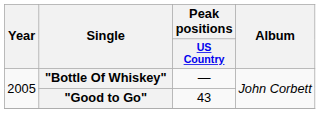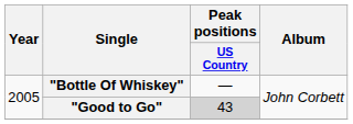 <table class="wikitable plainrowheaders" style="text-align:center;">
 <tr>
 <th rowspan="2">Year</th>
 <th rowspan="2" style="width:10em;">Single</th>
 <th colspan="1">Peak positions</th>
 <th rowspan="2">Album</th>
 </tr>
 <tr style="font-size:smaller;">
 <th width="60"><a href='#'>US Country</a></th>
 </tr>
 <tr>
 <td rowspan="2">2005</td>
 <th scope="row">"Bottle Of Whiskey"</th>
 <td>―</td>
 <td align="left" rowspan="2"><em>John Corbett</em></td>
 </tr>
 <tr>
 <th scope="row">"Good to Go"</th>
-<td>43</td>
+<td style="background: lightgrey;">43</td>
 </tr>
 <tr>
 </tr>
 </table>
